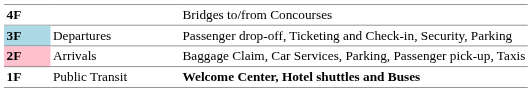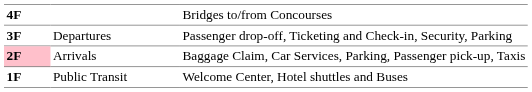 <table border=0 cellspacing=0 cellpadding=3>
 <tr>
 <td style="border-bottom:solid 1px gray;border-top:solid 1px gray;" width=50 valign=top><strong>4F</strong></td>
 <td style="border-top:solid 1px gray;border-bottom:solid 1px gray;" width=150></td>
 <td style="border-top:solid 1px gray;border-bottom:solid 1px gray;">Bridges to/from Concourses</td>
 </tr>
 <tr>
-<td style="background: lightblue; border-bottom:solid 1px gray;" valign=top><strong>3F</strong></td>
+<td style="border-bottom:solid 1px gray;" valign=top><strong>3F</strong></td>
 <td style="border-bottom:solid 1px gray;">Departures</td>
 <td style="border-bottom:solid 1px gray;">Passenger drop-off, Ticketing and Check-in, Security, Parking</td>
 </tr>
 <tr>
 <td style="background: pink; border-bottom:solid 1px gray;" valign=top><strong>2F</strong></td>
 <td style="border-bottom:solid 1px gray;">Arrivals</td>
 <td style="border-bottom:solid 1px gray;">Baggage Claim, Car Services, Parking, Passenger pick-up, Taxis</td>
 </tr>
 <tr>
 <td style="border-bottom:solid 1px gray;" valign=top><strong>1F</strong></td>
 <td style="border-bottom:solid 1px gray;">Public Transit</td>
-<td style="border-bottom:solid 1px gray;"><strong>Welcome Center, Hotel shuttles and Buses</strong></td>
+<td style="border-bottom:solid 1px gray;">Welcome Center, Hotel shuttles and Buses</td>
 </tr>
 </table>
